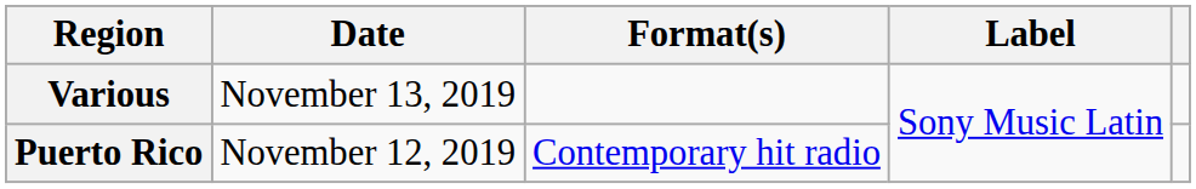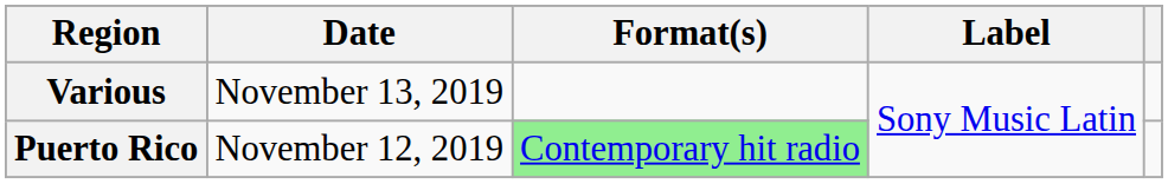 <table class="wikitable plainrowheaders" border="1">
 <tr>
 <th scope="col">Region</th>
 <th scope="col">Date</th>
 <th scope="col">Format(s)</th>
 <th scope="col">Label</th>
 <th scope="col"></th>
 </tr>
 <tr>
 <th scope="row">Various</th>
 <td>November 13, 2019</td>
 <td></td>
 <td rowspan="2"><a href='#'>Sony Music Latin</a></td>
 <td style="text-align:center;"></td>
 </tr>
 <tr>
 <th scope="row">Puerto Rico</th>
 <td>November 12, 2019</td>
-<td><a href='#'>Contemporary hit radio</a></td>
+<td style="background: lightgreen;"><a href='#'>Contemporary hit radio</a></td>
 <td style="text-align:center"></td>
 </tr>
 </table>
